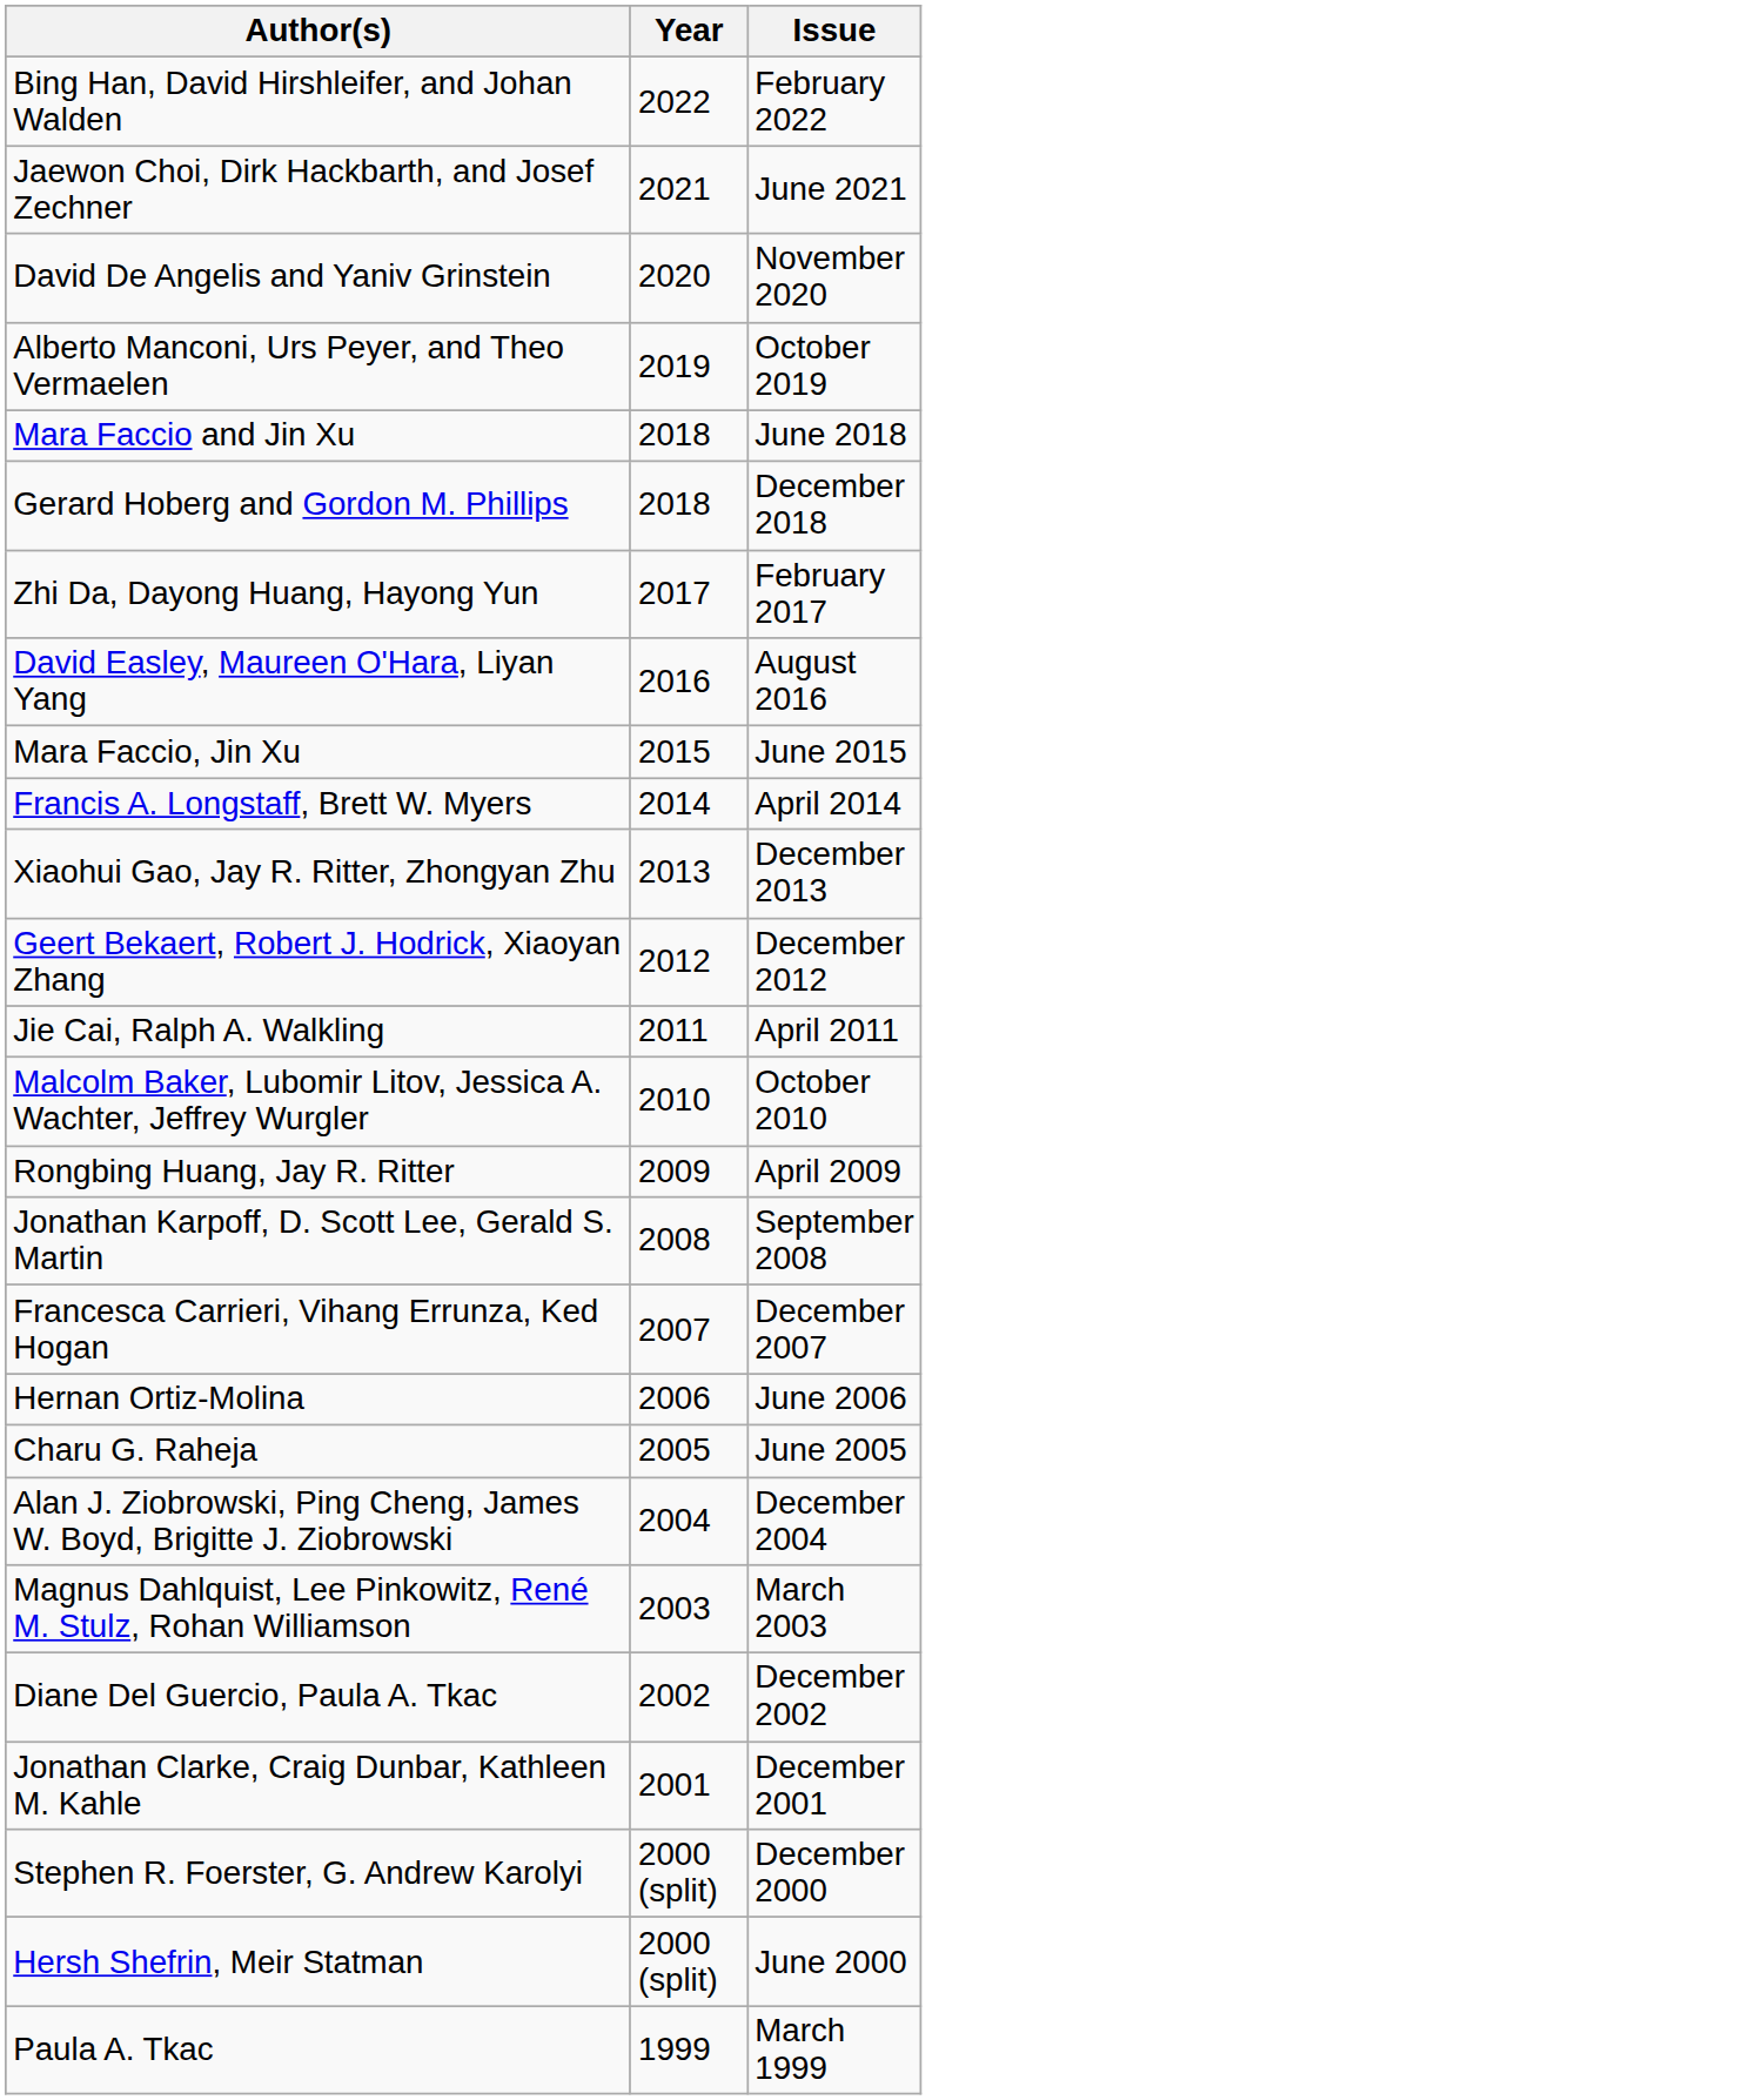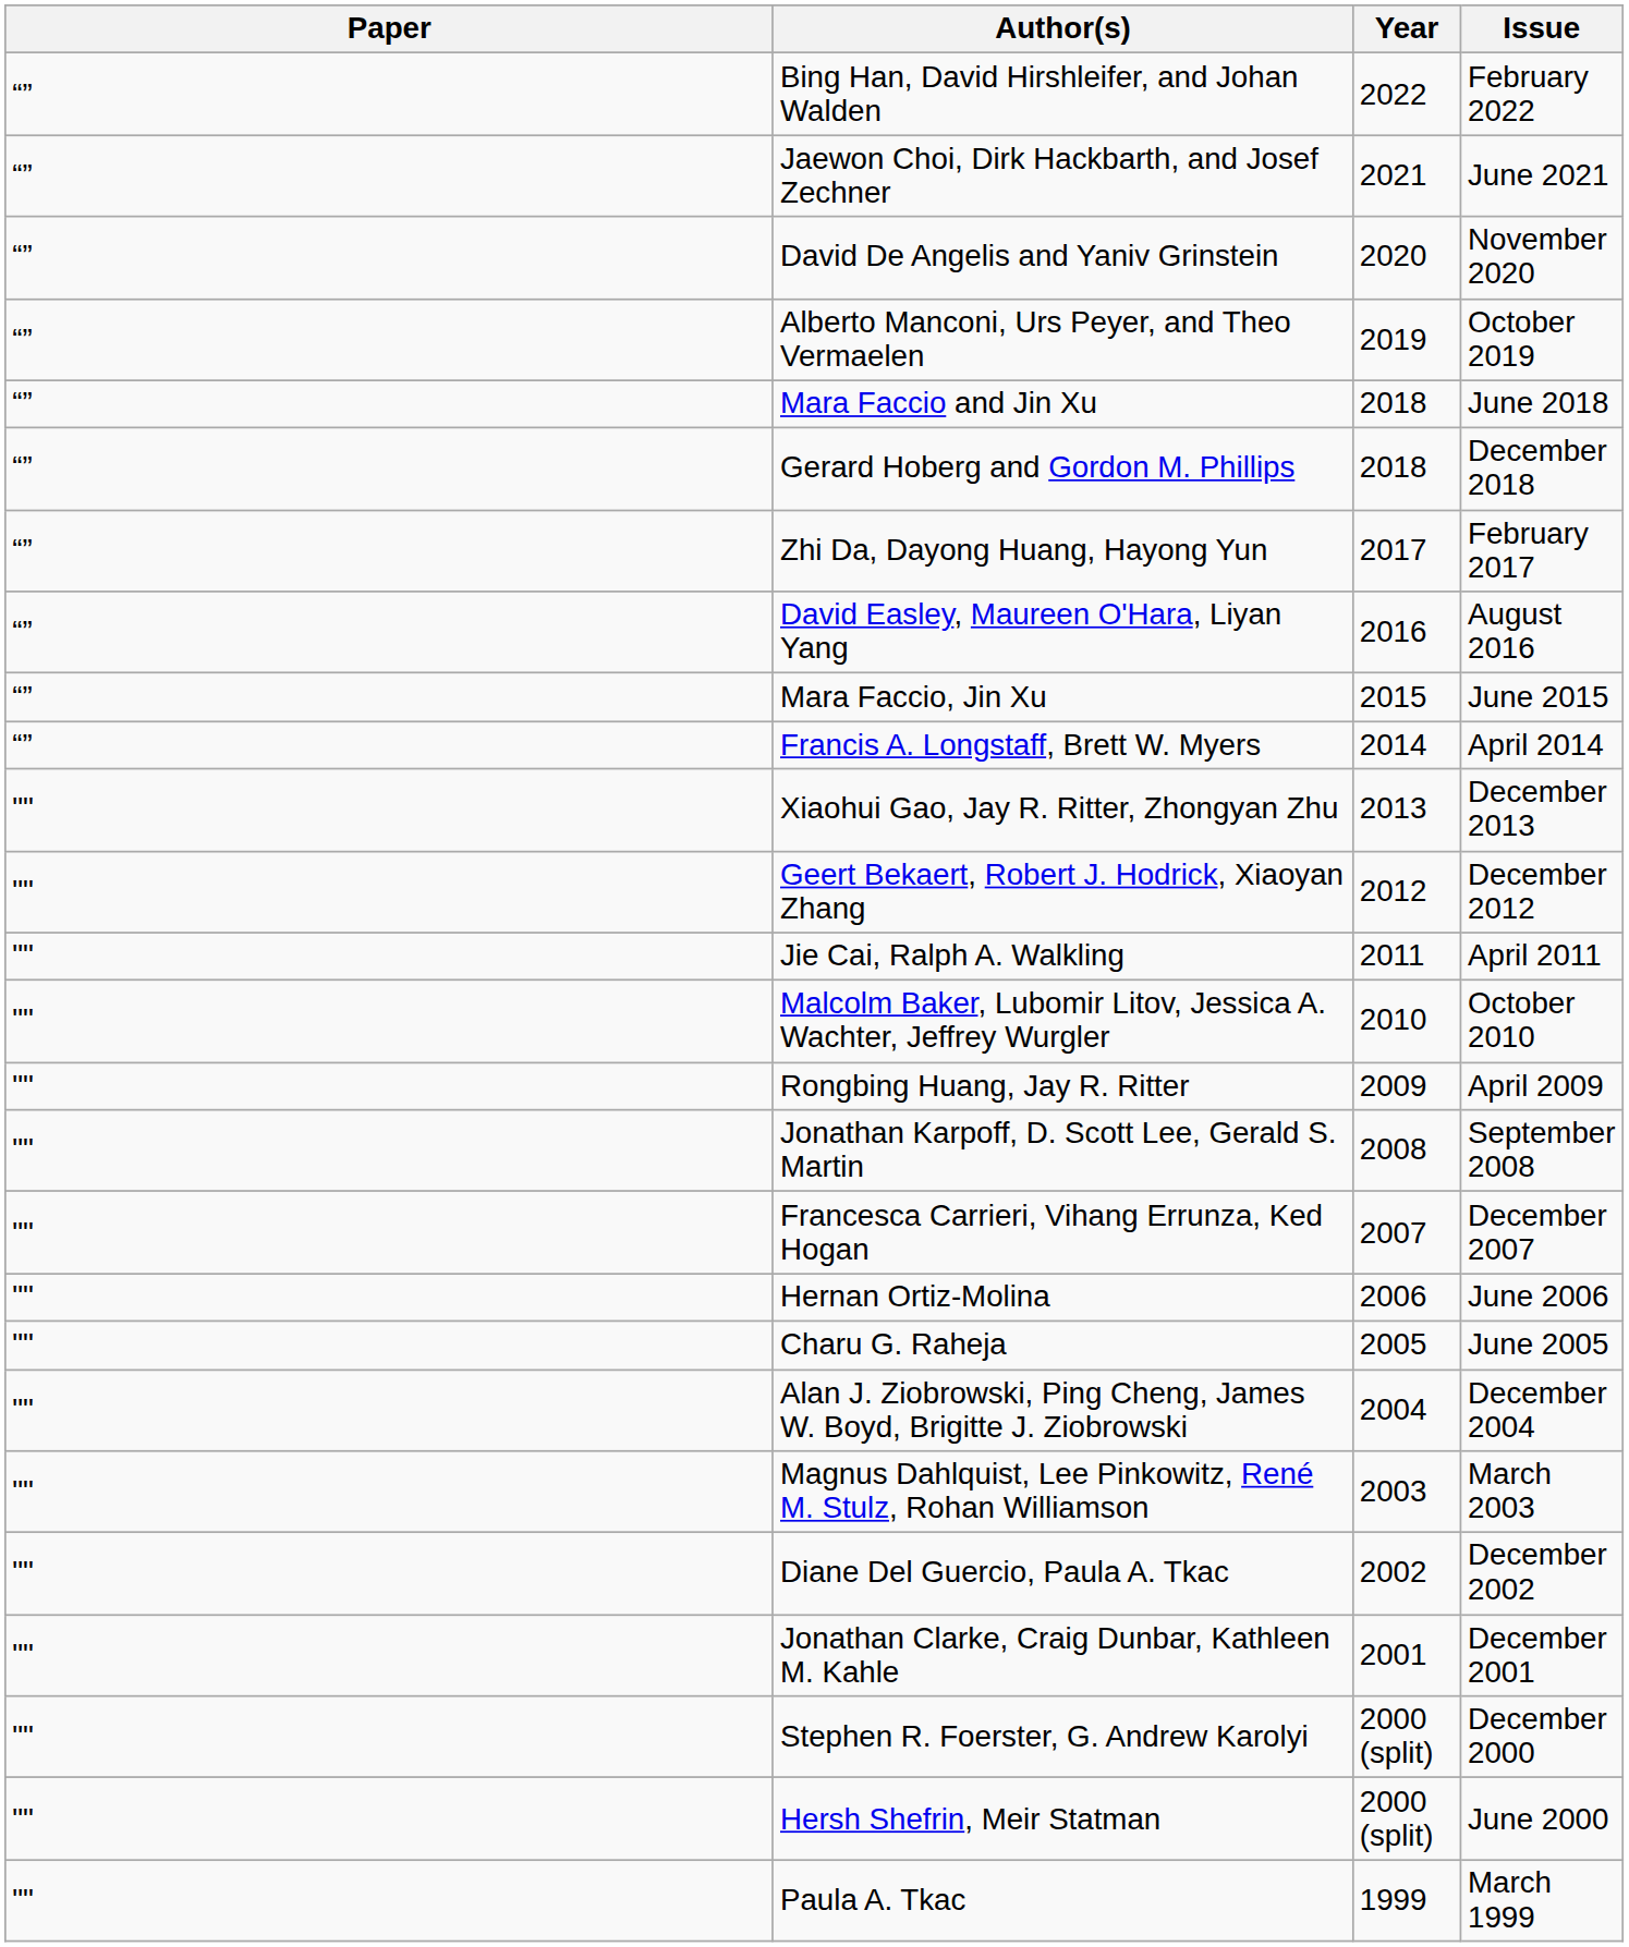 <table class="wikitable">
 <tr>
+<th width="400">Paper</th>
 <th width="300">Author(s)</th>
 <th width="50">Year</th>
 <th width="50">Issue</th>
 </tr>
 <tr>
+<td>“”</td>
 <td>Bing Han, David Hirshleifer, and Johan Walden</td>
 <td>2022</td>
 <td>February 2022</td>
 </tr>
 <tr>
+<td>“”</td>
 <td>Jaewon Choi, Dirk Hackbarth, and Josef Zechner</td>
 <td>2021</td>
 <td>June 2021</td>
 </tr>
 <tr>
+<td>“”</td>
 <td>David De Angelis and Yaniv Grinstein</td>
 <td>2020</td>
 <td>November 2020</td>
 </tr>
 <tr>
+<td>“”</td>
 <td>Alberto Manconi, Urs Peyer, and Theo Vermaelen</td>
 <td>2019</td>
 <td>October 2019</td>
 </tr>
 <tr>
+<td>“”</td>
 <td><a href='#'>Mara Faccio</a> and Jin Xu</td>
 <td>2018</td>
 <td>June 2018</td>
 </tr>
 <tr>
+<td>“”</td>
 <td>Gerard Hoberg and <a href='#'>Gordon M. Phillips</a></td>
 <td>2018</td>
 <td>December 2018</td>
 </tr>
 <tr>
+<td>“”</td>
 <td>Zhi Da, Dayong Huang, Hayong Yun</td>
 <td>2017</td>
 <td>February 2017</td>
 </tr>
 <tr>
+<td>“”</td>
 <td><a href='#'>David Easley</a>, <a href='#'>Maureen O'Hara</a>, Liyan Yang</td>
 <td>2016</td>
 <td>August 2016</td>
 </tr>
 <tr>
+<td>“”</td>
 <td>Mara Faccio, Jin Xu</td>
 <td>2015</td>
 <td>June 2015</td>
 </tr>
 <tr>
+<td>“”</td>
 <td><a href='#'>Francis A. Longstaff</a>, Brett W. Myers</td>
 <td>2014</td>
 <td>April 2014</td>
 </tr>
 <tr>
+<td>""</td>
 <td>Xiaohui Gao, Jay R. Ritter, Zhongyan Zhu</td>
 <td>2013</td>
 <td>December 2013</td>
 </tr>
 <tr>
+<td>""</td>
 <td><a href='#'>Geert Bekaert</a>, <a href='#'>Robert J. Hodrick</a>, Xiaoyan Zhang</td>
 <td>2012</td>
 <td>December 2012</td>
 </tr>
 <tr>
+<td>""</td>
 <td>Jie Cai, Ralph A. Walkling</td>
 <td>2011</td>
 <td>April 2011</td>
 </tr>
 <tr>
+<td>""</td>
 <td><a href='#'>Malcolm Baker</a>, Lubomir Litov, Jessica A. Wachter, Jeffrey Wurgler</td>
 <td>2010</td>
 <td>October 2010</td>
 </tr>
 <tr>
+<td>""</td>
 <td>Rongbing Huang, Jay R. Ritter</td>
 <td>2009</td>
 <td>April 2009</td>
 </tr>
 <tr>
+<td>""</td>
 <td>Jonathan Karpoff, D. Scott Lee, Gerald S. Martin</td>
 <td>2008</td>
 <td>September 2008</td>
 </tr>
 <tr>
+<td>""</td>
 <td>Francesca Carrieri, Vihang Errunza, Ked Hogan</td>
 <td>2007</td>
 <td>December 2007</td>
 </tr>
 <tr>
+<td>""</td>
 <td>Hernan Ortiz-Molina</td>
 <td>2006</td>
 <td>June 2006</td>
 </tr>
 <tr>
+<td>""</td>
 <td>Charu G. Raheja</td>
 <td>2005</td>
 <td>June 2005</td>
 </tr>
 <tr>
+<td>""</td>
 <td>Alan J. Ziobrowski, Ping Cheng, James W. Boyd, Brigitte J. Ziobrowski</td>
 <td>2004</td>
 <td>December 2004</td>
 </tr>
 <tr>
+<td>""</td>
 <td>Magnus Dahlquist, Lee Pinkowitz, <a href='#'>René M. Stulz</a>, Rohan Williamson</td>
 <td>2003</td>
 <td>March 2003</td>
 </tr>
 <tr>
+<td>""</td>
 <td>Diane Del Guercio, Paula A. Tkac</td>
 <td>2002</td>
 <td>December 2002</td>
 </tr>
 <tr>
+<td>""</td>
 <td>Jonathan Clarke, Craig Dunbar, Kathleen M. Kahle</td>
 <td>2001</td>
 <td>December 2001</td>
 </tr>
 <tr>
+<td>""</td>
 <td>Stephen R. Foerster, G. Andrew Karolyi</td>
 <td>2000 (split)</td>
 <td>December 2000</td>
 </tr>
 <tr>
+<td>""</td>
 <td><a href='#'>Hersh Shefrin</a>, Meir Statman</td>
 <td>2000 (split)</td>
 <td>June 2000</td>
 </tr>
 <tr>
+<td>""</td>
 <td>Paula A. Tkac</td>
 <td>1999</td>
 <td>March 1999</td>
 </tr>
 </table>
